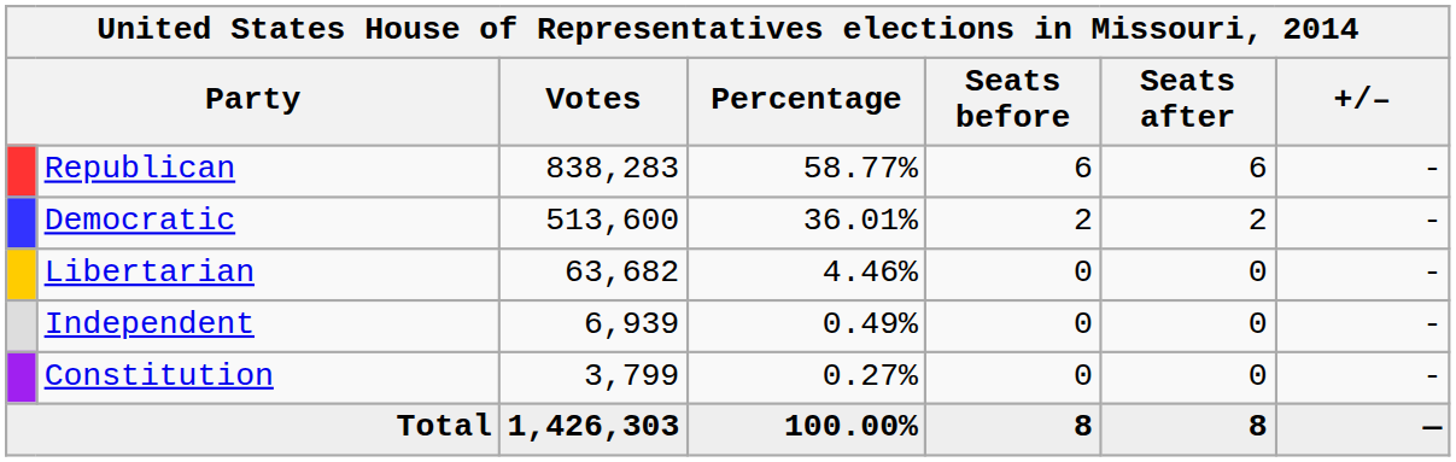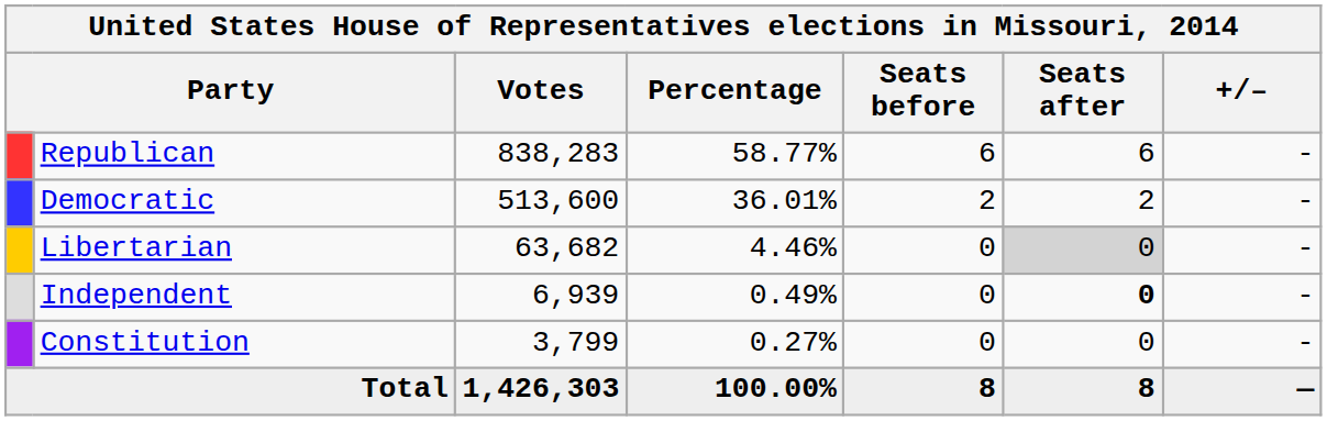 <table class="wikitable" style="font-size: 95%;">
 <tr>
 <th colspan="7">United States House of Representatives elections in Missouri, 2014</th>
 </tr>
 <tr>
 <th colspan="2" style="width: 15em">Party</th>
 <th style="width: 5em">Votes</th>
 <th style="width: 7em">Percentage</th>
 <th style="width: 5em">Seats before</th>
 <th style="width: 5em">Seats after</th>
 <th style="width: 5em">+/–</th>
 </tr>
 <tr>
 <th style="background-color:#FF3333; width: 3px"></th>
 <td style="width: 130px"><a href='#'>Republican</a></td>
 <td align="right">838,283</td>
 <td align="right">58.77%</td>
 <td align="right">6</td>
 <td align="right">6</td>
 <td align="right">-</td>
 </tr>
 <tr>
 <th style="background-color:#3333FF; width: 3px"></th>
 <td style="width: 130px"><a href='#'>Democratic</a></td>
 <td align="right">513,600</td>
 <td align="right">36.01%</td>
 <td align="right">2</td>
 <td align="right">2</td>
 <td align="right">-</td>
 </tr>
 <tr>
 <th style="background-color:#FFCC00; width: 3px"></th>
 <td style="width: 130px"><a href='#'>Libertarian</a></td>
 <td align="right">63,682</td>
 <td align="right">4.46%</td>
 <td align="right">0</td>
-<td align="right">0</td>
+<td align="right" style="background: lightgrey;">0</td>
 <td align="right">-</td>
 </tr>
 <tr>
 <th style="background-color:#DDDDDD; width: 3px"></th>
 <td style="width: 130px"><a href='#'>Independent</a></td>
 <td align="right">6,939</td>
 <td align="right">0.49%</td>
 <td align="right">0</td>
-<td align="right">0</td>
+<td align="right"><strong>0</strong></td>
 <td align="right">-</td>
 </tr>
 <tr>
 <th style="background-color:#A020F0; width: 3px"></th>
 <td style="width: 130px"><a href='#'>Constitution</a></td>
 <td align="right">3,799</td>
 <td align="right">0.27%</td>
 <td align="right">0</td>
 <td align="right">0</td>
 <td align="right">-</td>
 </tr>
 <tr bgcolor="#EEEEEE">
 <td colspan="2" align="right"><strong>Total</strong></td>
 <td align="right"><strong>1,426,303</strong></td>
 <td align="right"><strong>100.00%</strong></td>
 <td align="right"><strong>8</strong></td>
 <td align="right"><strong>8</strong></td>
 <td align="right"><strong>—</strong></td>
 </tr>
 </table>
